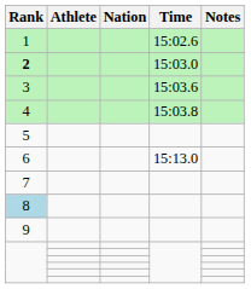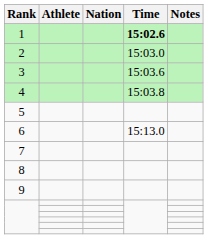 <table class="wikitable sortable" style="text-align:center">
 <tr>
 <th>Rank</th>
 <th>Athlete</th>
 <th>Nation</th>
 <th>Time</th>
 <th>Notes</th>
 </tr>
 <tr bgcolor=bbf3bb>
 <td>1</td>
 <td align=left></td>
 <td align=left></td>
-<td>15:02.6</td>
+<td><strong>15:02.6</strong></td>
 <td></td>
 </tr>
 <tr bgcolor=bbf3bb>
-<td><strong>2</strong></td>
+<td>2</td>
 <td align=left></td>
 <td align=left></td>
 <td>15:03.0</td>
 <td></td>
 </tr>
 <tr bgcolor=bbf3bb>
 <td>3</td>
 <td align=left></td>
 <td align=left></td>
 <td>15:03.6</td>
 <td></td>
 </tr>
 <tr bgcolor=bbf3bb>
 <td>4</td>
 <td align=left></td>
 <td align=left></td>
 <td>15:03.8</td>
 <td></td>
 </tr>
 <tr>
 <td>5</td>
 <td align=left></td>
 <td align=left></td>
 <td></td>
 <td></td>
 </tr>
 <tr>
 <td>6</td>
 <td align=left></td>
 <td align=left></td>
 <td>15:13.0</td>
 <td></td>
 </tr>
 <tr>
 <td>7</td>
 <td align=left></td>
 <td align=left></td>
 <td></td>
 <td></td>
 </tr>
 <tr>
-<td style="background: lightblue;">8</td>
+<td>8</td>
 <td align=left></td>
 <td align=left></td>
 <td></td>
 <td></td>
 </tr>
 <tr>
 <td>9</td>
 <td align=left></td>
 <td align=left></td>
 <td></td>
 <td></td>
 </tr>
 <tr>
 <td rowspan=6></td>
 <td align=left></td>
 <td align=left></td>
 <td rowspan=6></td>
 <td></td>
 </tr>
 <tr>
 <td align=left></td>
 <td align=left></td>
 <td></td>
 </tr>
 <tr>
 <td align=left></td>
 <td align=left></td>
 <td></td>
 </tr>
 <tr>
 <td align=left></td>
 <td align=left></td>
 <td></td>
 </tr>
 <tr>
 <td align=left></td>
 <td align=left></td>
 <td></td>
 </tr>
 <tr>
 <td align=left></td>
 <td align=left></td>
 <td></td>
 </tr>
 </table>
